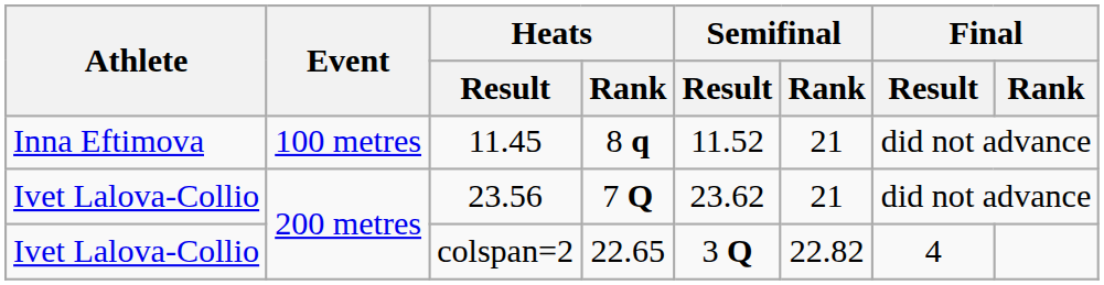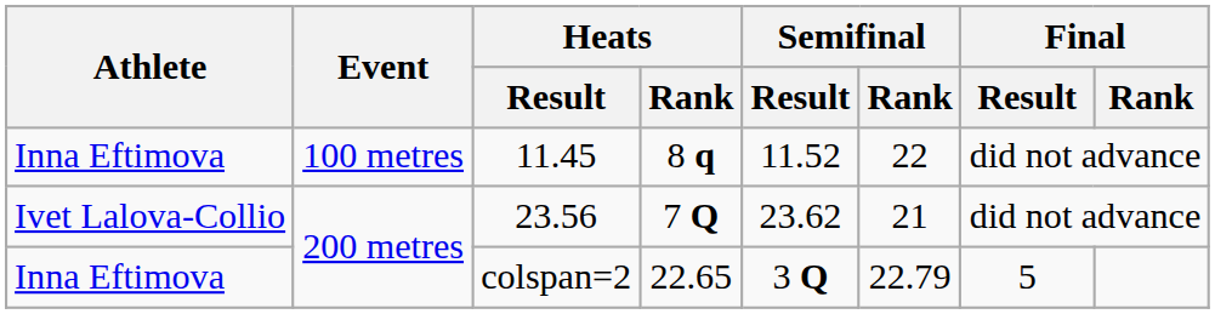 <table class="wikitable" border="1" style="font-size:90%">
 <tr>
 <th rowspan="2">Athlete</th>
 <th rowspan="2">Event</th>
 <th colspan="2">Heats</th>
 <th colspan="2">Semifinal</th>
 <th colspan="2">Final</th>
 </tr>
 <tr>
 <th>Result</th>
 <th>Rank</th>
 <th>Result</th>
 <th>Rank</th>
 <th>Result</th>
 <th>Rank</th>
 </tr>
 <tr align=center>
 <td align=left><a href='#'>Inna Eftimova</a></td>
 <td align=left><a href='#'>100 metres</a></td>
 <td>11.45</td>
 <td>8 <strong>q</strong></td>
 <td>11.52</td>
-<td>21</td>
+<td>22</td>
 <td align=center colspan=2>did not advance</td>
 </tr>
 <tr align=center>
 <td align=left><a href='#'>Ivet Lalova-Collio</a></td>
 <td align=left rowspan=2><a href='#'>200 metres</a></td>
 <td>23.56</td>
 <td>7 <strong>Q</strong></td>
 <td>23.62</td>
 <td>21</td>
 <td align=center colspan=2>did not advance</td>
 </tr>
 <tr align=center>
-<td align=left><a href='#'>Ivet Lalova-Collio</a></td>
+<td align=left><a href='#'>Inna Eftimova</a></td>
 <td>colspan=2</td>
 <td>22.65</td>
 <td>3 <strong>Q</strong></td>
-<td>22.82</td>
-<td>4</td>
+<td>22.79</td>
+<td>5</td>
 </tr>
 </table>
